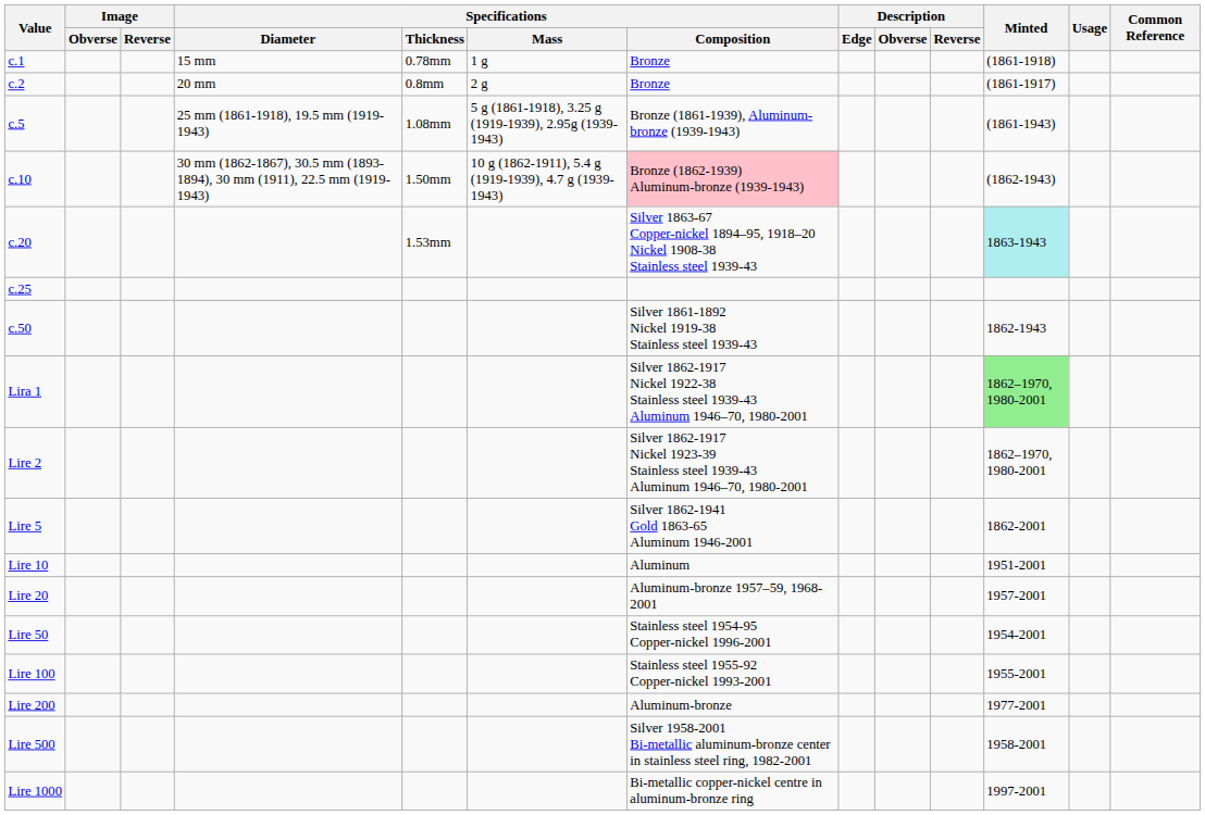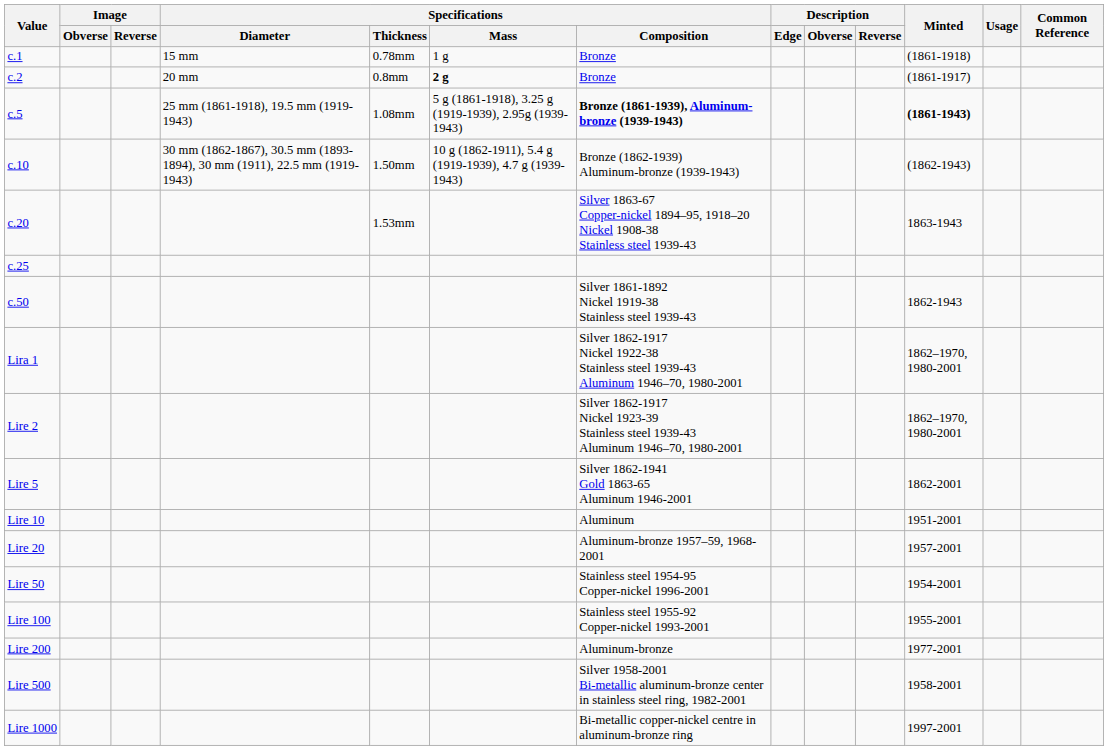 <table class="wikitable" border="1" style="font-size: 90%">
 <tr>
 <th rowspan="2">Value</th>
 <th colspan="2">Image</th>
 <th colspan="4">Specifications</th>
 <th colspan="3">Description</th>
 <th rowspan="2">Minted</th>
 <th rowspan="2">Usage</th>
 <th rowspan="2">Common Reference</th>
 </tr>
 <tr>
 <th>Obverse</th>
 <th>Reverse</th>
 <th>Diameter</th>
 <th>Thickness</th>
 <th>Mass</th>
 <th>Composition</th>
 <th>Edge</th>
 <th>Obverse</th>
 <th>Reverse</th>
 </tr>
 <tr>
 <td><a href='#'>c.1</a></td>
 <td></td>
 <td></td>
 <td>15 mm</td>
 <td>0.78mm</td>
 <td>1 g</td>
 <td><a href='#'>Bronze</a></td>
 <td></td>
 <td></td>
 <td></td>
 <td>(1861-1918)</td>
 <td></td>
 <td></td>
 </tr>
 <tr>
 <td><a href='#'>c.2</a></td>
 <td></td>
 <td></td>
 <td>20 mm</td>
 <td>0.8mm</td>
-<td>2 g</td>
+<td><strong>2 g</strong></td>
 <td><a href='#'>Bronze</a></td>
 <td></td>
 <td></td>
 <td></td>
 <td>(1861-1917)</td>
 <td></td>
 <td></td>
 </tr>
 <tr>
 <td><a href='#'>c.5</a></td>
 <td></td>
 <td></td>
 <td>25 mm (1861-1918), 19.5 mm (1919-1943)</td>
 <td>1.08mm</td>
 <td>5 g (1861-1918), 3.25 g (1919-1939), 2.95g (1939-1943)</td>
-<td>Bronze (1861-1939), <a href='#'>Aluminum-bronze</a> (1939-1943)</td>
+<td><strong>Bronze (1861-1939), <a href='#'>Aluminum-bronze</a> (1939-1943)</strong></td>
 <td></td>
 <td></td>
 <td></td>
-<td>(1861-1943)</td>
+<td><strong>(1861-1943)</strong></td>
 <td></td>
 <td></td>
 </tr>
 <tr>
 <td><a href='#'>c.10</a></td>
 <td></td>
 <td></td>
 <td>30 mm (1862-1867), 30.5 mm (1893-1894), 30 mm (1911), 22.5 mm (1919-1943)</td>
 <td>1.50mm</td>
 <td>10 g (1862-1911), 5.4 g (1919-1939), 4.7 g (1939-1943)</td>
-<td style="background: pink;">Bronze (1862-1939)<br>Aluminum-bronze (1939-1943)</td>
+<td>Bronze (1862-1939)<br>Aluminum-bronze (1939-1943)</td>
 <td></td>
 <td></td>
 <td></td>
 <td>(1862-1943)</td>
 <td></td>
 <td></td>
 </tr>
 <tr>
 <td><a href='#'>c.20</a></td>
 <td></td>
 <td></td>
 <td></td>
 <td>1.53mm</td>
 <td></td>
 <td><a href='#'>Silver</a> 1863-67<br><a href='#'>Copper-nickel</a> 1894–95, 1918–20<br><a href='#'>Nickel</a> 1908-38<br><a href='#'>Stainless steel</a> 1939-43</td>
 <td></td>
 <td></td>
 <td></td>
-<td style="background: paleturquoise;">1863-1943</td>
+<td>1863-1943</td>
 <td></td>
 <td></td>
 </tr>
 <tr>
 <td><a href='#'>c.25</a></td>
 <td></td>
 <td></td>
 <td></td>
 <td></td>
 <td></td>
 <td></td>
 <td></td>
 <td></td>
 <td></td>
 <td></td>
 <td></td>
 <td></td>
 </tr>
 <tr>
 <td><a href='#'>c.50</a></td>
 <td></td>
 <td></td>
 <td></td>
 <td></td>
 <td></td>
 <td>Silver 1861-1892<br>Nickel 1919-38<br>Stainless steel 1939-43</td>
 <td></td>
 <td></td>
 <td></td>
 <td>1862-1943</td>
 <td></td>
 <td></td>
 </tr>
 <tr>
 <td><a href='#'>Lira 1</a></td>
 <td></td>
 <td></td>
 <td></td>
 <td></td>
 <td></td>
 <td>Silver 1862-1917<br>Nickel 1922-38<br>Stainless steel 1939-43<br><a href='#'>Aluminum</a> 1946–70, 1980-2001</td>
 <td></td>
 <td></td>
 <td></td>
-<td style="background: lightgreen;">1862–1970, 1980-2001</td>
+<td>1862–1970, 1980-2001</td>
 <td></td>
 <td></td>
 </tr>
 <tr>
 <td><a href='#'>Lire 2</a></td>
 <td></td>
 <td></td>
 <td></td>
 <td></td>
 <td></td>
 <td>Silver 1862-1917<br>Nickel 1923-39<br>Stainless steel 1939-43<br>Aluminum 1946–70, 1980-2001</td>
 <td></td>
 <td></td>
 <td></td>
 <td>1862–1970, 1980-2001</td>
 <td></td>
 <td></td>
 </tr>
 <tr>
 <td><a href='#'>Lire 5</a></td>
 <td></td>
 <td></td>
 <td></td>
 <td></td>
 <td></td>
 <td>Silver 1862-1941<br><a href='#'>Gold</a> 1863-65<br>Aluminum 1946-2001</td>
 <td></td>
 <td></td>
 <td></td>
 <td>1862-2001</td>
 <td></td>
 <td></td>
 </tr>
 <tr>
 <td><a href='#'>Lire 10</a></td>
 <td></td>
 <td></td>
 <td></td>
 <td></td>
 <td></td>
 <td>Aluminum</td>
 <td></td>
 <td></td>
 <td></td>
 <td>1951-2001</td>
 <td></td>
 <td></td>
 </tr>
 <tr>
 <td><a href='#'>Lire 20</a></td>
 <td></td>
 <td></td>
 <td></td>
 <td></td>
 <td></td>
 <td>Aluminum-bronze 1957–59, 1968-2001</td>
 <td></td>
 <td></td>
 <td></td>
 <td>1957-2001</td>
 <td></td>
 <td></td>
 </tr>
 <tr>
 <td><a href='#'>Lire 50</a></td>
 <td></td>
 <td></td>
 <td></td>
 <td></td>
 <td></td>
 <td>Stainless steel 1954-95<br>Copper-nickel 1996-2001</td>
 <td></td>
 <td></td>
 <td></td>
 <td>1954-2001</td>
 <td></td>
 <td></td>
 </tr>
 <tr>
 <td><a href='#'>Lire 100</a></td>
 <td></td>
 <td></td>
 <td></td>
 <td></td>
 <td></td>
 <td>Stainless steel 1955-92<br>Copper-nickel 1993-2001</td>
 <td></td>
 <td></td>
 <td></td>
 <td>1955-2001</td>
 <td></td>
 <td></td>
 </tr>
 <tr>
 <td><a href='#'>Lire 200</a></td>
 <td></td>
 <td></td>
 <td></td>
 <td></td>
 <td></td>
 <td>Aluminum-bronze</td>
 <td></td>
 <td></td>
 <td></td>
 <td>1977-2001</td>
 <td></td>
 <td></td>
 </tr>
 <tr>
 <td><a href='#'>Lire&nbsp;500</a></td>
 <td></td>
 <td></td>
 <td></td>
 <td></td>
 <td></td>
 <td>Silver 1958-2001<br><a href='#'>Bi-metallic</a> aluminum-bronze center in stainless steel ring, 1982-2001</td>
 <td></td>
 <td></td>
 <td></td>
 <td>1958-2001</td>
 <td></td>
 <td></td>
 </tr>
 <tr>
 <td><a href='#'>Lire 1000</a></td>
 <td></td>
 <td></td>
 <td></td>
 <td></td>
 <td></td>
 <td>Bi-metallic copper-nickel centre in aluminum-bronze ring</td>
 <td></td>
 <td></td>
 <td></td>
 <td>1997-2001</td>
 <td></td>
 <td></td>
 </tr>
 </table>
